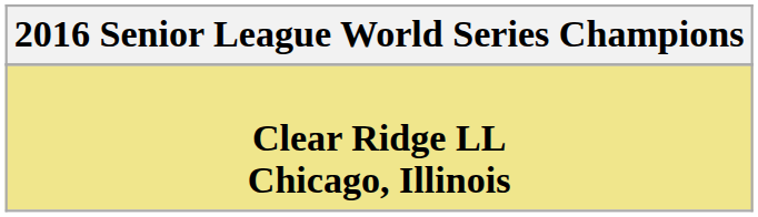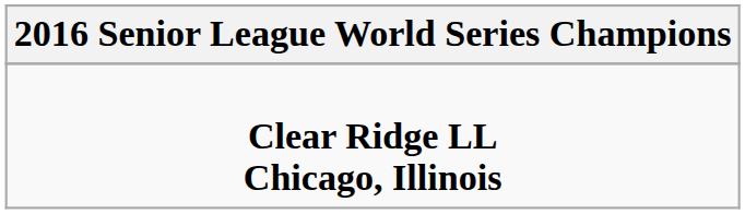 <table class="wikitable" style="text-align: center; margin: 0 auto;">
 <tr>
 <th>2016 Senior League World Series Champions</th>
 </tr>
 <tr>
 </tr>
 <tr>
-<td style="background: khaki;"><br><strong>Clear Ridge LL</strong><br> <strong>Chicago, Illinois</strong></td>
+<td><br><strong>Clear Ridge LL</strong><br> <strong>Chicago, Illinois</strong></td>
 </tr>
 </table>
